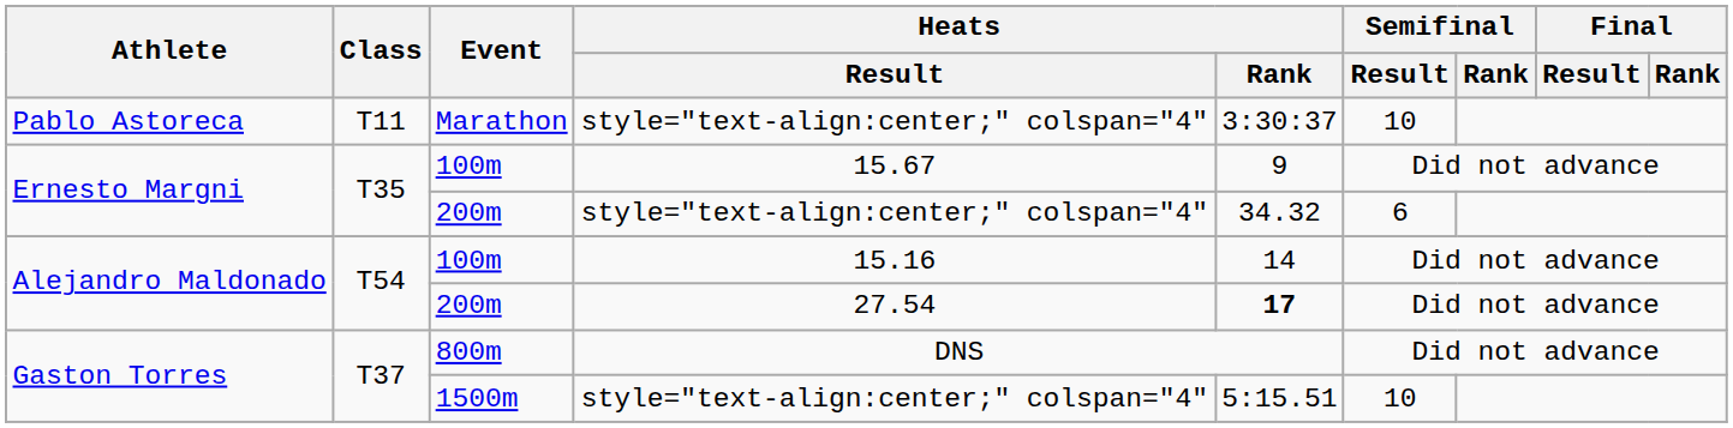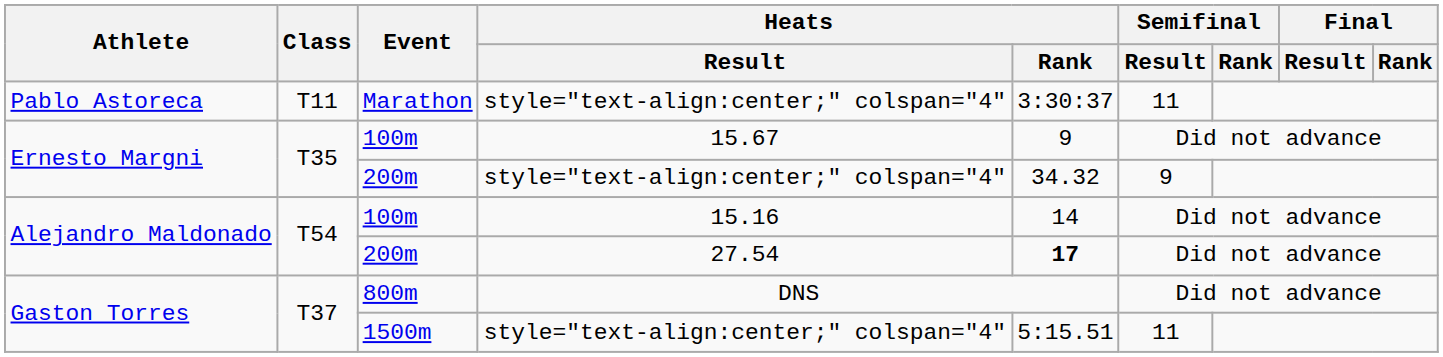 <table class=wikitable style="font-size:90%">
 <tr>
 <th rowspan="2">Athlete</th>
 <th rowspan="2">Class</th>
 <th rowspan="2">Event</th>
 <th colspan="2">Heats</th>
 <th colspan="2">Semifinal</th>
 <th colspan="2">Final</th>
 </tr>
 <tr>
 <th>Result</th>
 <th>Rank</th>
 <th>Result</th>
 <th>Rank</th>
 <th>Result</th>
 <th>Rank</th>
 </tr>
 <tr>
 <td><a href='#'>Pablo Astoreca</a></td>
 <td style="text-align:center;">T11</td>
 <td><a href='#'>Marathon</a></td>
 <td>style="text-align:center;" colspan="4" </td>
 <td style="text-align:center;">3:30:37</td>
-<td style="text-align:center;">10</td>
+<td style="text-align:center;">11</td>
 </tr>
 <tr>
 <td rowspan="2"><a href='#'>Ernesto Margni</a></td>
 <td rowspan="2" style="text-align:center;">T35</td>
 <td><a href='#'>100m</a></td>
 <td style="text-align:center;">15.67</td>
 <td style="text-align:center;">9</td>
 <td style="text-align:center;" colspan="4">Did not advance</td>
 </tr>
 <tr>
 <td><a href='#'>200m</a></td>
 <td>style="text-align:center;" colspan="4" </td>
 <td style="text-align:center;">34.32</td>
-<td style="text-align:center;">6</td>
+<td style="text-align:center;">9</td>
 </tr>
 <tr>
 <td rowspan="2"><a href='#'>Alejandro Maldonado</a></td>
 <td rowspan="2" style="text-align:center;">T54</td>
 <td><a href='#'>100m</a></td>
 <td style="text-align:center;">15.16</td>
 <td style="text-align:center;">14</td>
 <td style="text-align:center;" colspan="4">Did not advance</td>
 </tr>
 <tr>
 <td><a href='#'>200m</a></td>
 <td style="text-align:center;">27.54</td>
 <td style="text-align:center;"><strong>17</strong></td>
 <td style="text-align:center;" colspan="4">Did not advance</td>
 </tr>
 <tr>
 <td rowspan="2"><a href='#'>Gaston Torres</a></td>
 <td rowspan="2" style="text-align:center;">T37</td>
 <td><a href='#'>800m</a></td>
 <td style="text-align:center;" colspan="2">DNS</td>
 <td style="text-align:center;" colspan="4">Did not advance</td>
 </tr>
 <tr>
 <td><a href='#'>1500m</a></td>
 <td>style="text-align:center;" colspan="4" </td>
 <td style="text-align:center;">5:15.51</td>
-<td style="text-align:center;">10</td>
+<td style="text-align:center;">11</td>
 </tr>
 </table>
